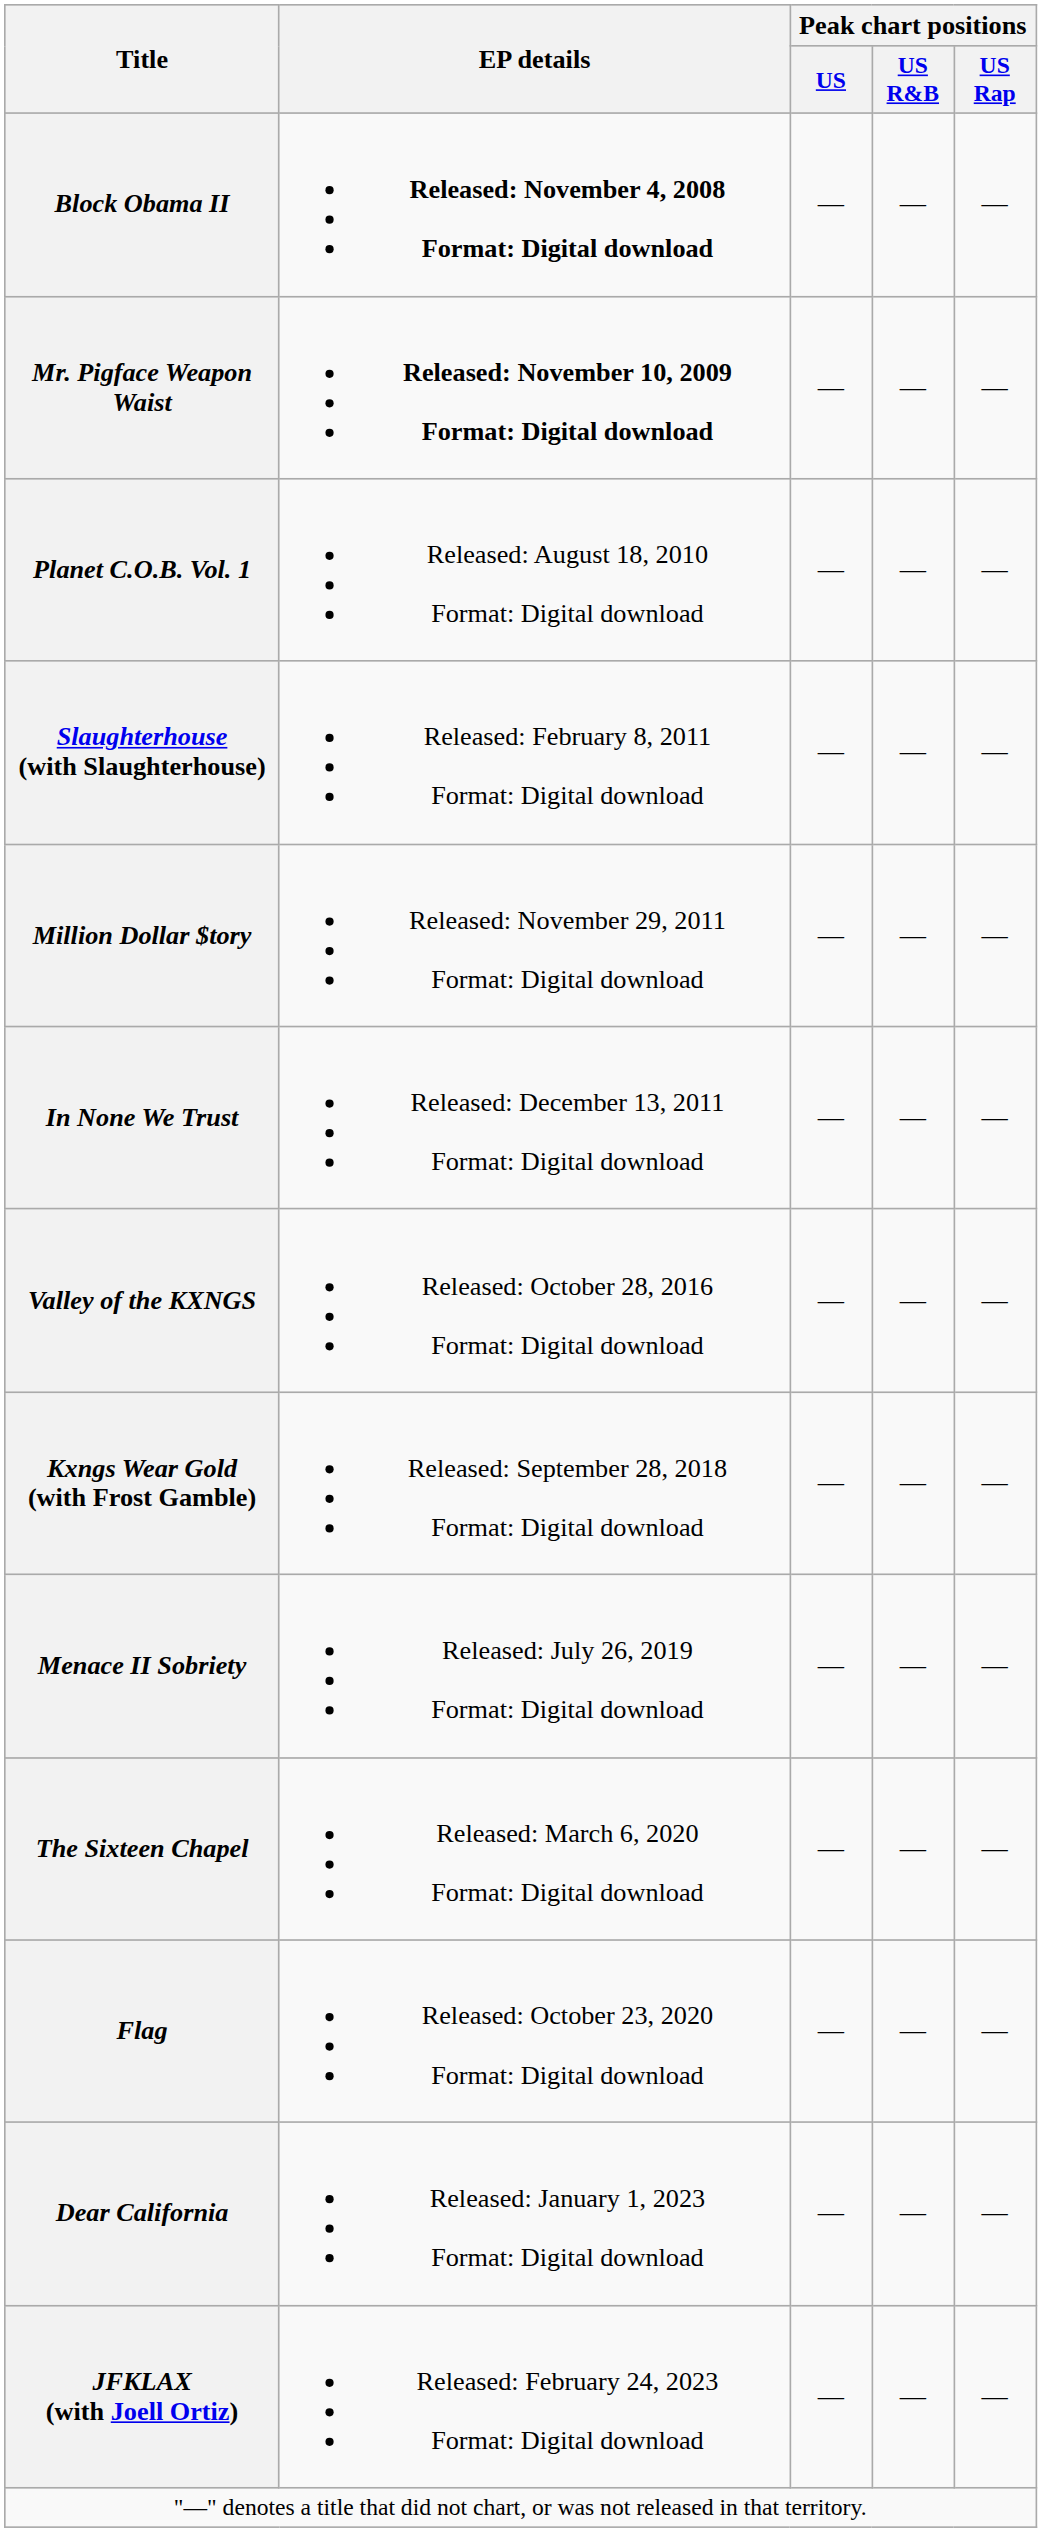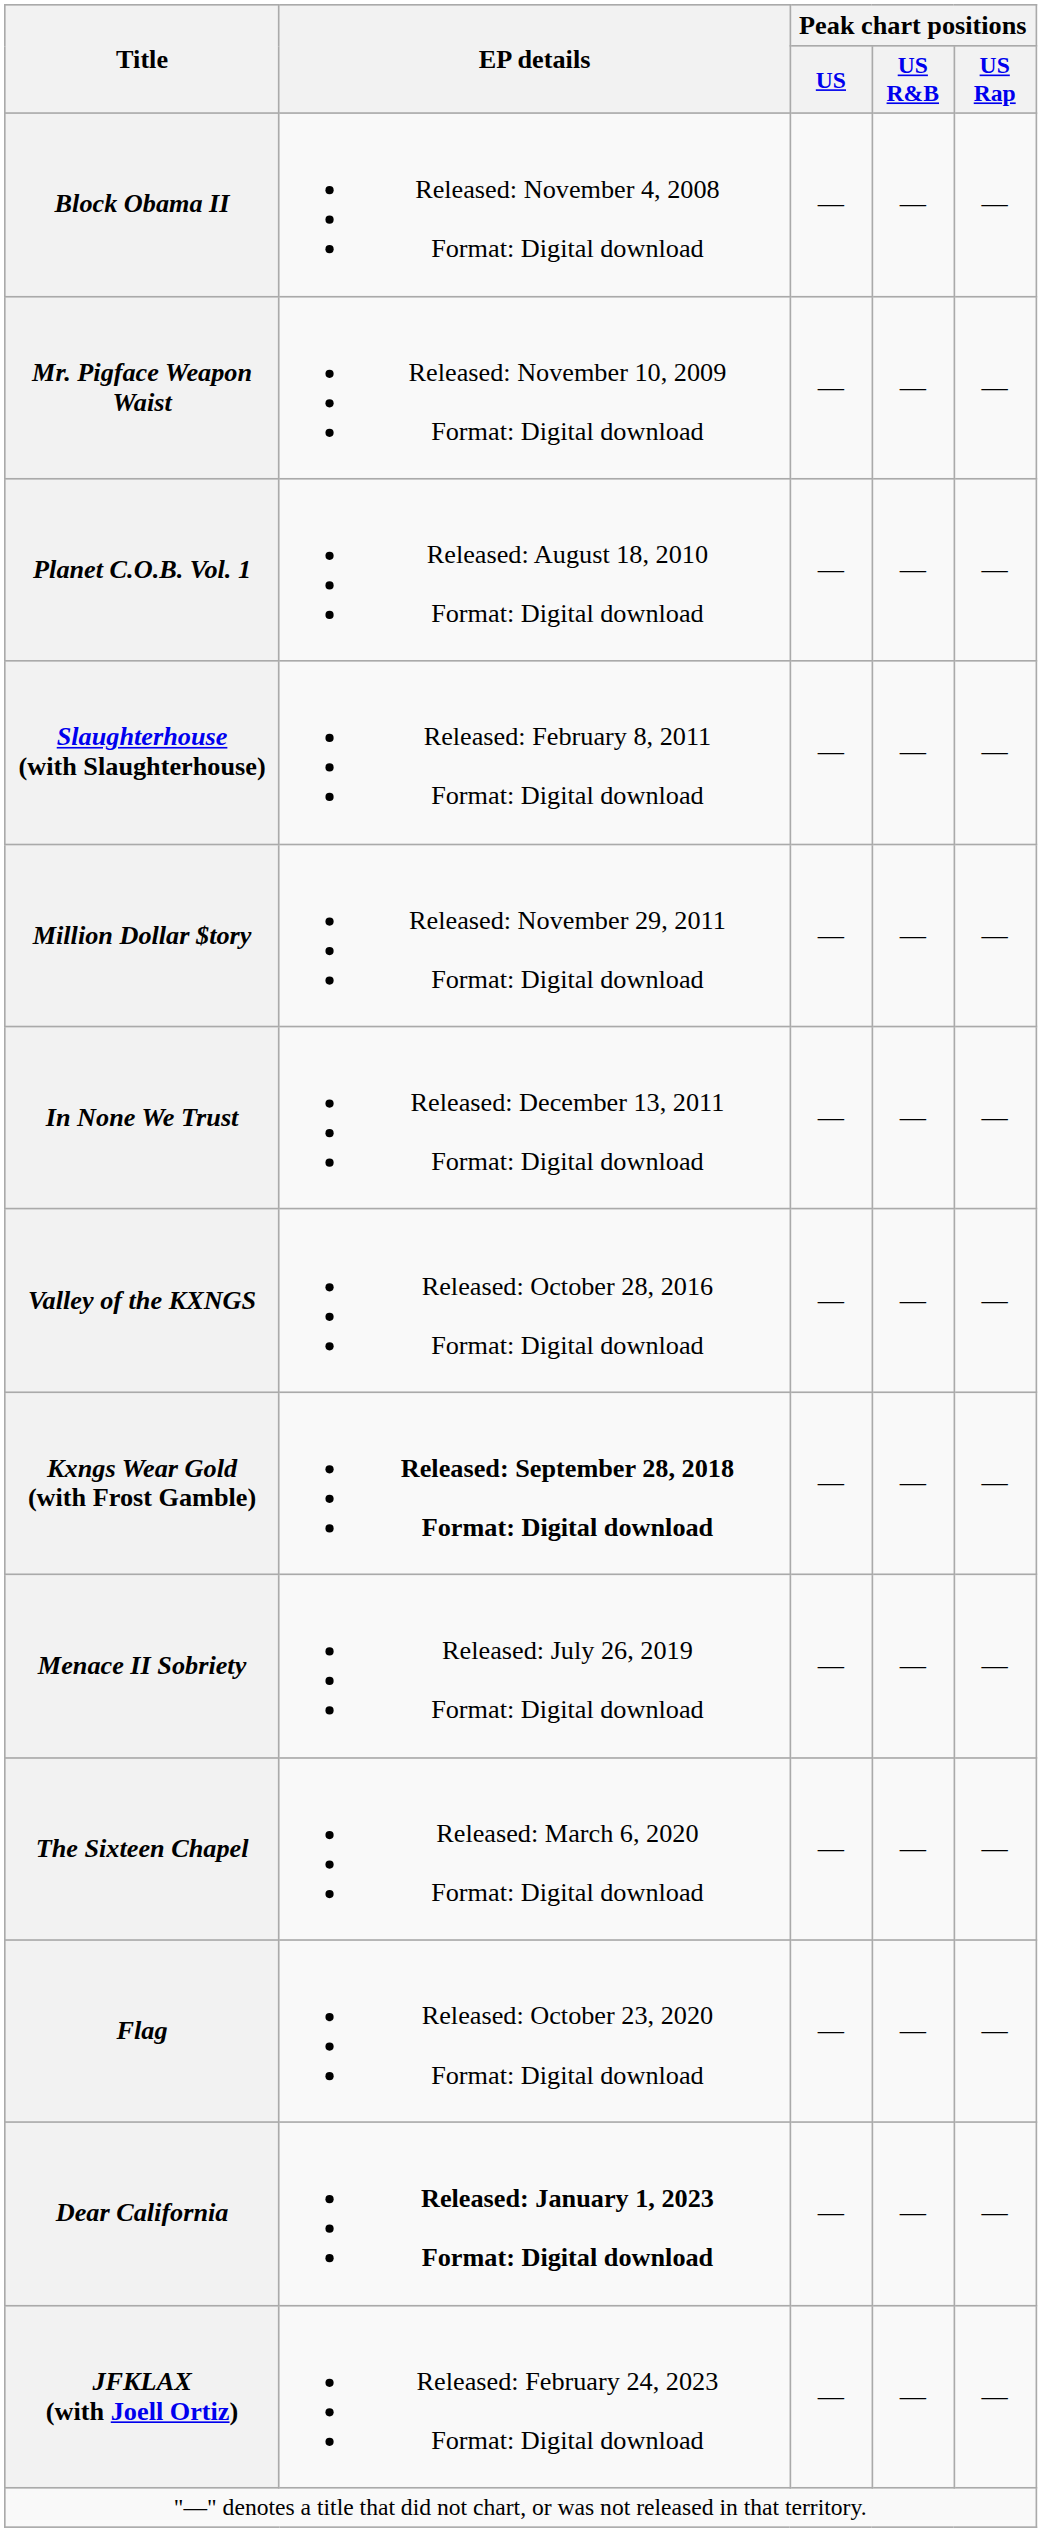 <table class="wikitable plainrowheaders" style="text-align:center;">
 <tr>
 <th scope="col" rowspan="2" style="width:10em;">Title</th>
 <th scope="col" rowspan="2" style="width:19em;">EP details</th>
 <th scope="col" colspan="3">Peak chart positions</th>
 </tr>
 <tr>
 <th scope="col" style="width:3em;font-size:90%;"><a href='#'>US</a></th>
 <th scope="col" style="width:3em;font-size:90%;"><a href='#'>US R&B</a></th>
 <th scope="col" style="width:3em;font-size:90%;"><a href='#'>US<br>Rap</a></th>
 </tr>
 <tr>
 <th scope="row"><em>Block Obama II</em></th>
-<td><strong><br><ul><li>Released: November 4, 2008</li><li></li><li>Format: Digital download</li></ul></strong></td>
+<td><br><ul><li>Released: November 4, 2008</li><li></li><li>Format: Digital download</li></ul></td>
 <td>—</td>
 <td>—</td>
 <td>—</td>
 </tr>
 <tr>
 <th scope="row"><em>Mr. Pigface Weapon Waist</em></th>
-<td><strong><br><ul><li>Released: November 10, 2009</li><li></li><li>Format: Digital download</li></ul></strong></td>
+<td><br><ul><li>Released: November 10, 2009</li><li></li><li>Format: Digital download</li></ul></td>
 <td>—</td>
 <td>—</td>
 <td>—</td>
 </tr>
 <tr>
 <th scope="row"><em>Planet C.O.B. Vol. 1</em></th>
 <td><br><ul><li>Released: August 18, 2010</li><li></li><li>Format: Digital download</li></ul></td>
 <td>—</td>
 <td>—</td>
 <td>—</td>
 </tr>
 <tr>
 <th scope="row"><em><a href='#'>Slaughterhouse</a></em><br><span>(with Slaughterhouse)</span></th>
 <td><br><ul><li>Released: February 8, 2011</li><li></li><li>Format: Digital download</li></ul></td>
 <td>—</td>
 <td>—</td>
 <td>—</td>
 </tr>
 <tr>
 <th scope="row"><em>Million Dollar $tory</em></th>
 <td><br><ul><li>Released: November 29, 2011</li><li></li><li>Format: Digital download</li></ul></td>
 <td>—</td>
 <td>—</td>
 <td>—</td>
 </tr>
 <tr>
 <th scope="row"><em>In None We Trust</em></th>
 <td><br><ul><li>Released: December 13, 2011</li><li></li><li>Format: Digital download</li></ul></td>
 <td>—</td>
 <td>—</td>
 <td>—</td>
 </tr>
 <tr>
 <th scope="row"><em>Valley of the KXNGS</em></th>
 <td><br><ul><li>Released: October 28, 2016</li><li></li><li>Format: Digital download</li></ul></td>
 <td>—</td>
 <td>—</td>
 <td>—</td>
 </tr>
 <tr>
 <th scope="row"><em>Kxngs Wear Gold</em><br><span>(with Frost Gamble)</span></th>
-<td><br><ul><li>Released: September 28, 2018</li><li></li><li>Format: Digital download</li></ul></td>
+<td><strong><br><ul><li>Released: September 28, 2018</li><li></li><li>Format: Digital download</li></ul></strong></td>
 <td>—</td>
 <td>—</td>
 <td>—</td>
 </tr>
 <tr>
 <th scope="row"><em>Menace II Sobriety</em></th>
 <td><br><ul><li>Released: July 26, 2019</li><li></li><li>Format: Digital download</li></ul></td>
 <td>—</td>
 <td>—</td>
 <td>—</td>
 </tr>
 <tr>
 <th scope="row"><em>The Sixteen Chapel</em></th>
 <td><br><ul><li>Released: March 6, 2020</li><li></li><li>Format: Digital download</li></ul></td>
 <td>—</td>
 <td>—</td>
 <td>—</td>
 </tr>
 <tr>
 <th scope="row"><em>Flag</em></th>
 <td><br><ul><li>Released: October 23, 2020</li><li></li><li>Format: Digital download</li></ul></td>
 <td>—</td>
 <td>—</td>
 <td>—</td>
 </tr>
 <tr>
 <th scope="row"><em>Dear California</em></th>
-<td><br><ul><li>Released: January 1, 2023</li><li></li><li>Format: Digital download</li></ul></td>
+<td><strong><br><ul><li>Released: January 1, 2023</li><li></li><li>Format: Digital download</li></ul></strong></td>
 <td>—</td>
 <td>—</td>
 <td>—</td>
 </tr>
 <tr>
 <th scope="row"><em>JFKLAX</em><br><span>(with <a href='#'>Joell Ortiz</a>)</span></th>
 <td><br><ul><li>Released: February 24, 2023</li><li></li><li>Format: Digital download</li></ul></td>
 <td>—</td>
 <td>—</td>
 <td>—</td>
 </tr>
 <tr>
 <td colspan="14" style="font-size:90%">"—" denotes a title that did not chart, or was not released in that territory.</td>
 </tr>
 </table>
